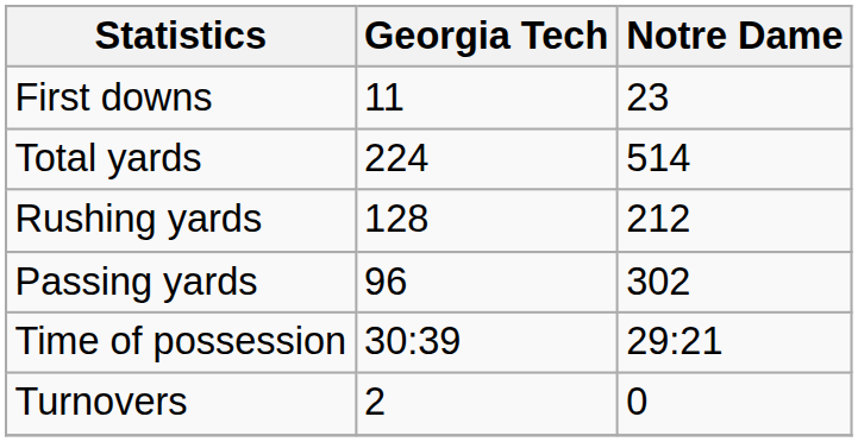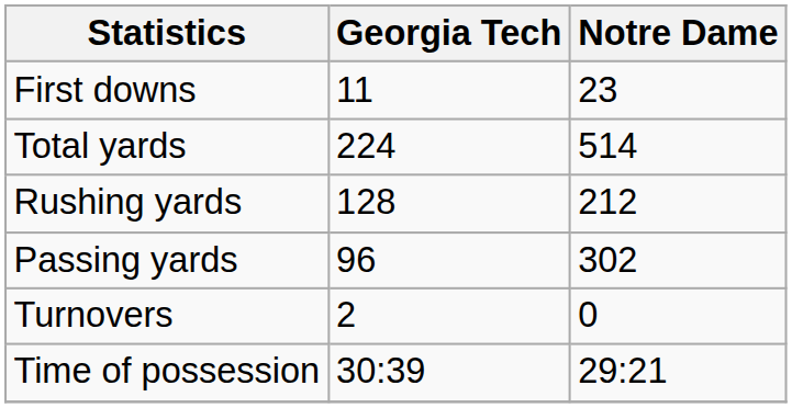 <table class="wikitable">
 <tr>
 <th>Statistics</th>
 <th>Georgia Tech</th>
 <th>Notre Dame</th>
 </tr>
 <tr>
 <td>First downs</td>
 <td>11</td>
 <td>23</td>
 </tr>
 <tr>
 <td>Total yards</td>
 <td>224</td>
 <td>514</td>
 </tr>
 <tr>
 <td>Rushing yards</td>
 <td>128</td>
 <td>212</td>
 </tr>
 <tr>
 <td>Passing yards</td>
 <td>96</td>
 <td>302</td>
 </tr>
 <tr>
+<td>Turnovers</td>
+<td>2</td>
+<td>0</td>
+</tr>
+<tr>
 <td>Time of possession</td>
 <td>30:39</td>
 <td>29:21</td>
 </tr>
 <tr>
-<td>Turnovers</td>
-<td>2</td>
-<td>0</td>
-</tr>
-<tr>
 </tr>
 </table>
